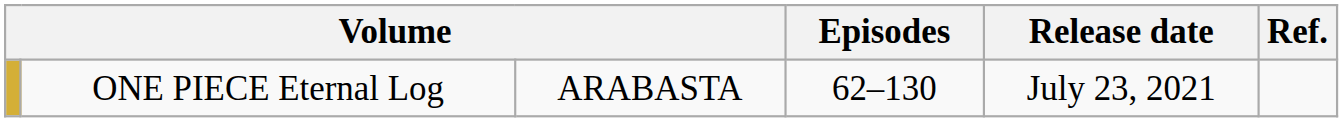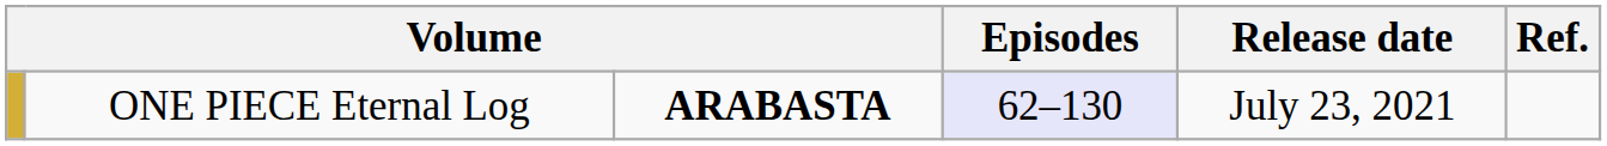 <table class="wikitable" style="text-align: center; width: 98%;">
 <tr>
 <th colspan="3">Volume</th>
 <th>Episodes</th>
 <th>Release date</th>
 <th width="5%">Ref.</th>
 </tr>
 <tr>
 <td width="1%" style="background: #D4AF37;"></td>
 <td>ONE PIECE Eternal Log</td>
-<td>ARABASTA</td>
-<td>62–130</td>
+<td><strong>ARABASTA</strong></td>
+<td style="background: lavender;">62–130</td>
 <td>July 23, 2021</td>
 <td></td>
 </tr>
 </table>
